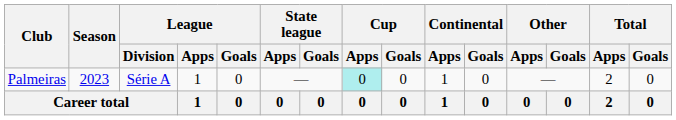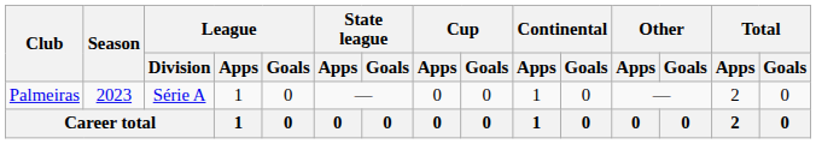 <table class="wikitable" style="text-align: center">
 <tr>
 <th rowspan="2">Club</th>
 <th rowspan="2">Season</th>
 <th colspan="3">League</th>
 <th colspan="2">State league</th>
 <th colspan="2">Cup</th>
 <th colspan="2">Continental</th>
 <th colspan="2">Other</th>
 <th colspan="2">Total</th>
 </tr>
 <tr>
 <th>Division</th>
 <th>Apps</th>
 <th>Goals</th>
 <th>Apps</th>
 <th>Goals</th>
 <th>Apps</th>
 <th>Goals</th>
 <th>Apps</th>
 <th>Goals</th>
 <th>Apps</th>
 <th>Goals</th>
 <th>Apps</th>
 <th>Goals</th>
 </tr>
 <tr>
 <td><a href='#'>Palmeiras</a></td>
 <td><a href='#'>2023</a></td>
 <td><a href='#'>Série A</a></td>
 <td>1</td>
 <td>0</td>
 <td colspan="2">—</td>
-<td style="background: paleturquoise;">0</td>
+<td>0</td>
 <td>0</td>
 <td>1</td>
 <td>0</td>
 <td colspan="2">—</td>
 <td>2</td>
 <td>0</td>
 </tr>
 <tr>
 <th colspan="3"><strong>Career total</strong></th>
 <th>1</th>
 <th>0</th>
 <th>0</th>
 <th>0</th>
 <th>0</th>
 <th>0</th>
 <th>1</th>
 <th>0</th>
 <th>0</th>
 <th>0</th>
 <th>2</th>
 <th>0</th>
 </tr>
 </table>
